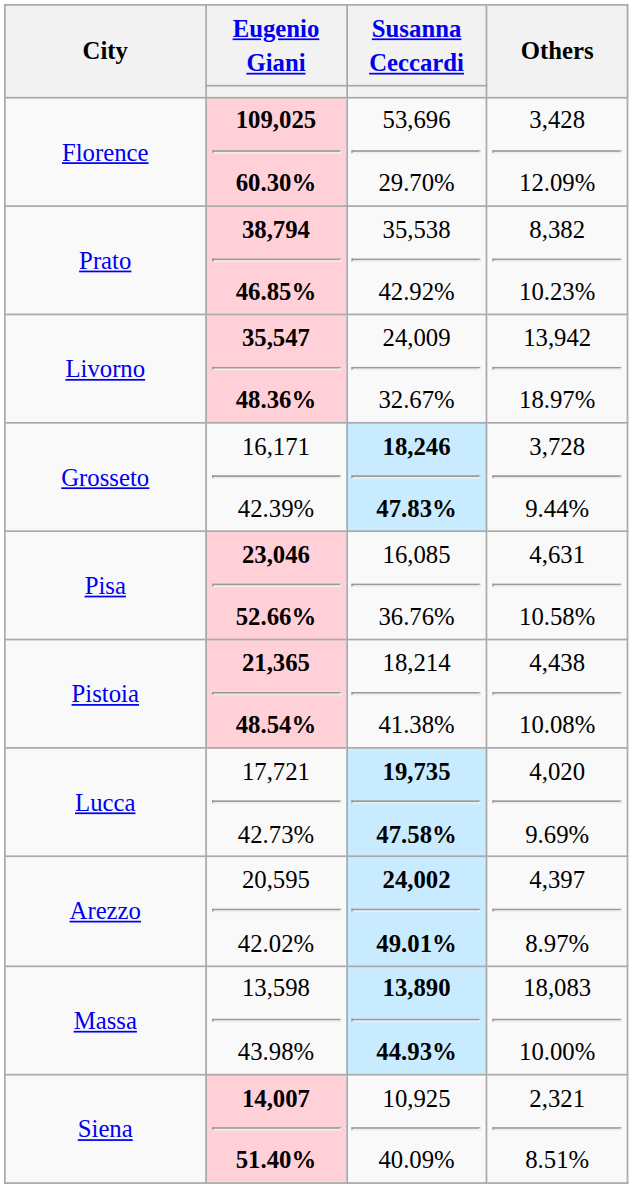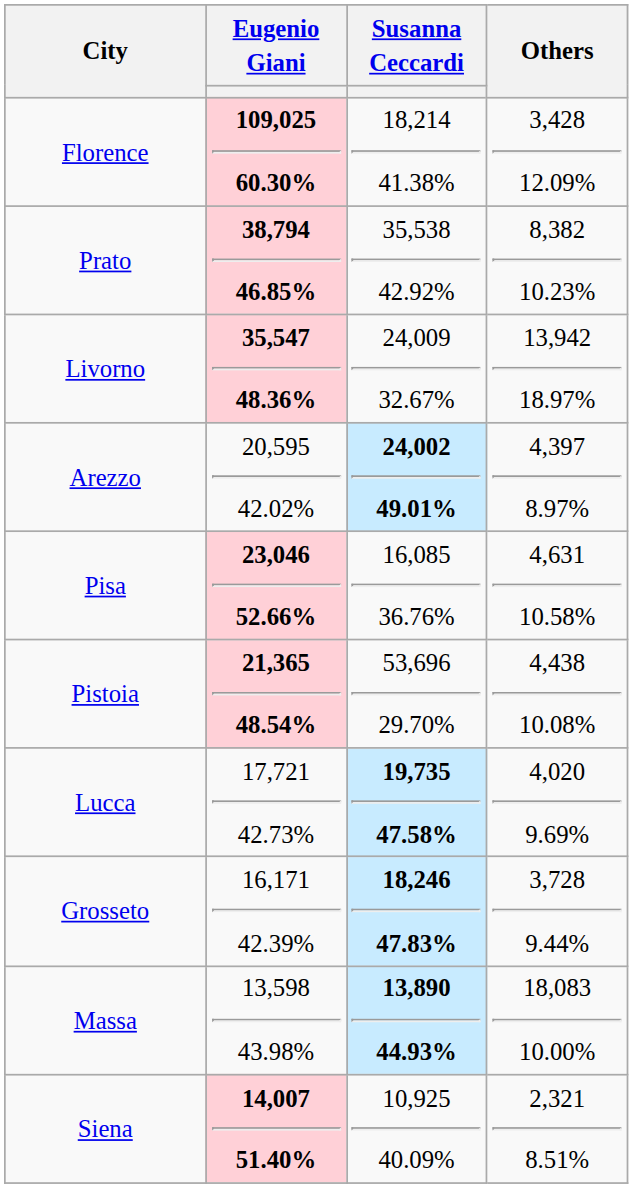 <table class="wikitable" style="text-align:center;font-size:90%;line-height:20px">
 <tr style="height:30px; background-color:#E9E9E9">
 <th style="width:110px;" rowspan="2">City</th>
 <th style="width:75px;"><a href='#'>Eugenio Giani</a></th>
 <th style="width:75px;"><a href='#'>Susanna Ceccardi</a></th>
 <th rowspan="2" style="width:75px;">Others</th>
 </tr>
 <tr>
 <th style="background:"></th>
 <th style="background:"></th>
 </tr>
 <tr>
 <td><a href='#'>Florence</a></td>
 <td style="background:#FFD0D7"><strong>109,025 <hr>60.30%</strong></td>
-<td>53,696 <hr>29.70%</td>
+<td>18,214 <hr>41.38%</td>
 <td>3,428 <hr>12.09%</td>
 </tr>
 <tr>
 <td><a href='#'>Prato</a></td>
 <td style="background:#FFD0D7"><strong>38,794 <hr>46.85%</strong></td>
 <td>35,538 <hr>42.92%</td>
 <td>8,382 <hr>10.23%</td>
 </tr>
 <tr>
 <td><a href='#'>Livorno</a></td>
 <td style="background:#FFD0D7"><strong>35,547 <hr>48.36%</strong></td>
 <td>24,009 <hr>32.67%</td>
 <td>13,942 <hr>18.97%</td>
 </tr>
 <tr>
-<td><a href='#'>Grosseto</a></td>
-<td>16,171 <hr>42.39%</td>
-<td style="background:#C8EBFF"><strong>18,246 <hr>47.83%</strong></td>
-<td>3,728 <hr>9.44%</td>
+<td><a href='#'>Arezzo</a></td>
+<td>20,595 <hr>42.02%</td>
+<td style="background:#C8EBFF"><strong>24,002 <hr>49.01%</strong></td>
+<td>4,397 <hr>8.97%</td>
 </tr>
 <tr>
 <td><a href='#'>Pisa</a></td>
 <td style="background:#FFD0D7"><strong>23,046<hr>52.66%</strong></td>
 <td>16,085 <hr>36.76%</td>
 <td>4,631 <hr>10.58%</td>
 </tr>
 <tr>
 <td><a href='#'>Pistoia</a></td>
 <td style="background:#FFD0D7"><strong>21,365<hr>48.54%</strong></td>
-<td>18,214 <hr>41.38%</td>
+<td>53,696 <hr>29.70%</td>
 <td>4,438 <hr>10.08%</td>
 </tr>
 <tr>
 <td><a href='#'>Lucca</a></td>
 <td>17,721 <hr>42.73%</td>
 <td style="background:#C8EBFF"><strong>19,735 <hr>47.58%</strong></td>
 <td>4,020 <hr>9.69%</td>
 </tr>
 <tr>
-<td><a href='#'>Arezzo</a></td>
-<td>20,595 <hr>42.02%</td>
-<td style="background:#C8EBFF"><strong>24,002 <hr>49.01%</strong></td>
-<td>4,397 <hr>8.97%</td>
+<td><a href='#'>Grosseto</a></td>
+<td>16,171 <hr>42.39%</td>
+<td style="background:#C8EBFF"><strong>18,246 <hr>47.83%</strong></td>
+<td>3,728 <hr>9.44%</td>
 </tr>
 <tr>
 <td><a href='#'>Massa</a></td>
 <td>13,598 <hr>43.98%</td>
 <td style="background:#C8EBFF"><strong>13,890 <hr>44.93%</strong></td>
 <td>18,083 <hr>10.00%</td>
 </tr>
 <tr>
 <td><a href='#'>Siena</a></td>
 <td style="background:#FFD0D7"><strong>14,007<hr>51.40%</strong></td>
 <td>10,925 <hr>40.09%</td>
 <td>2,321 <hr>8.51%</td>
 </tr>
 </table>
